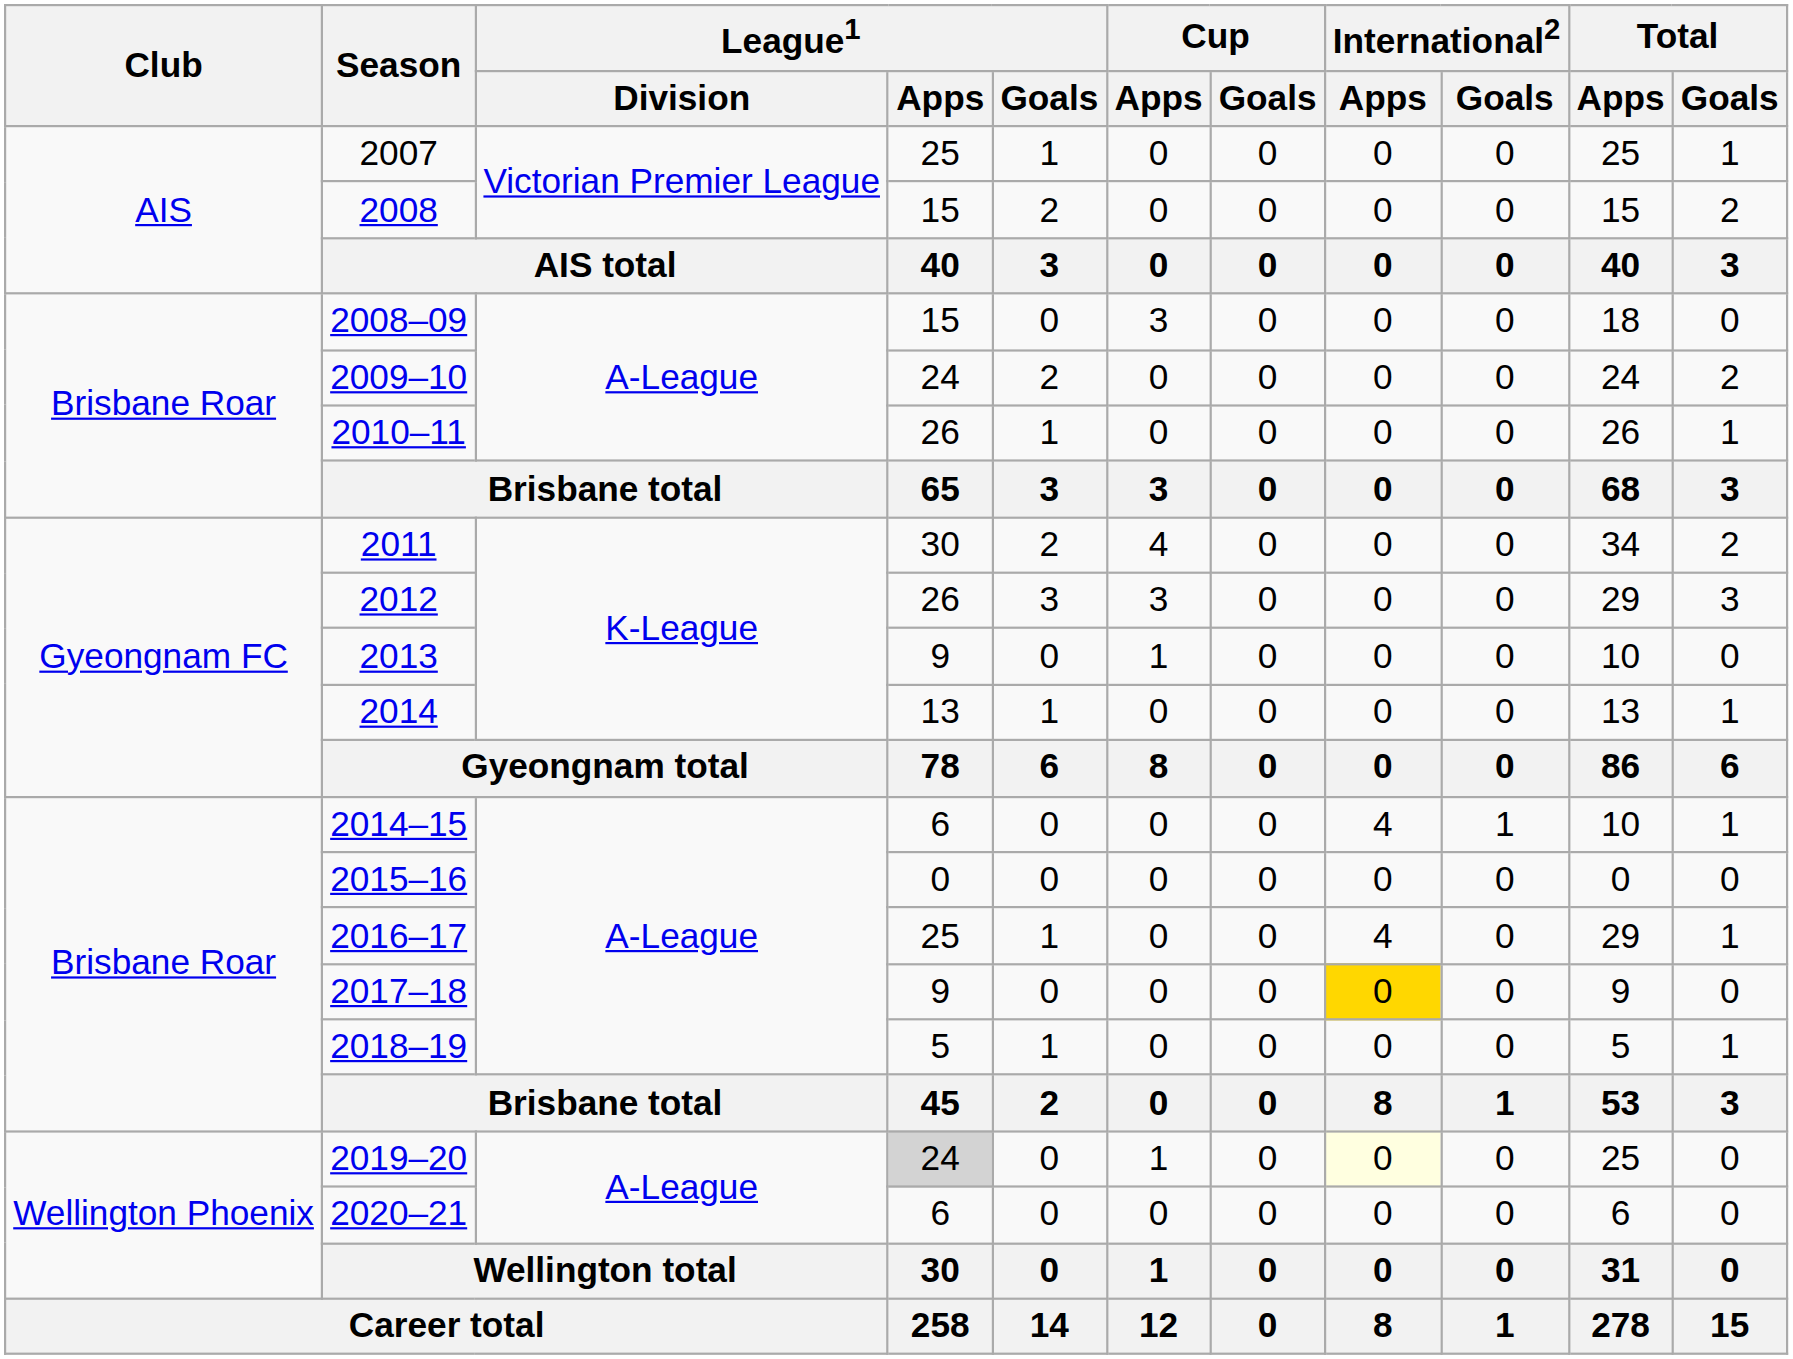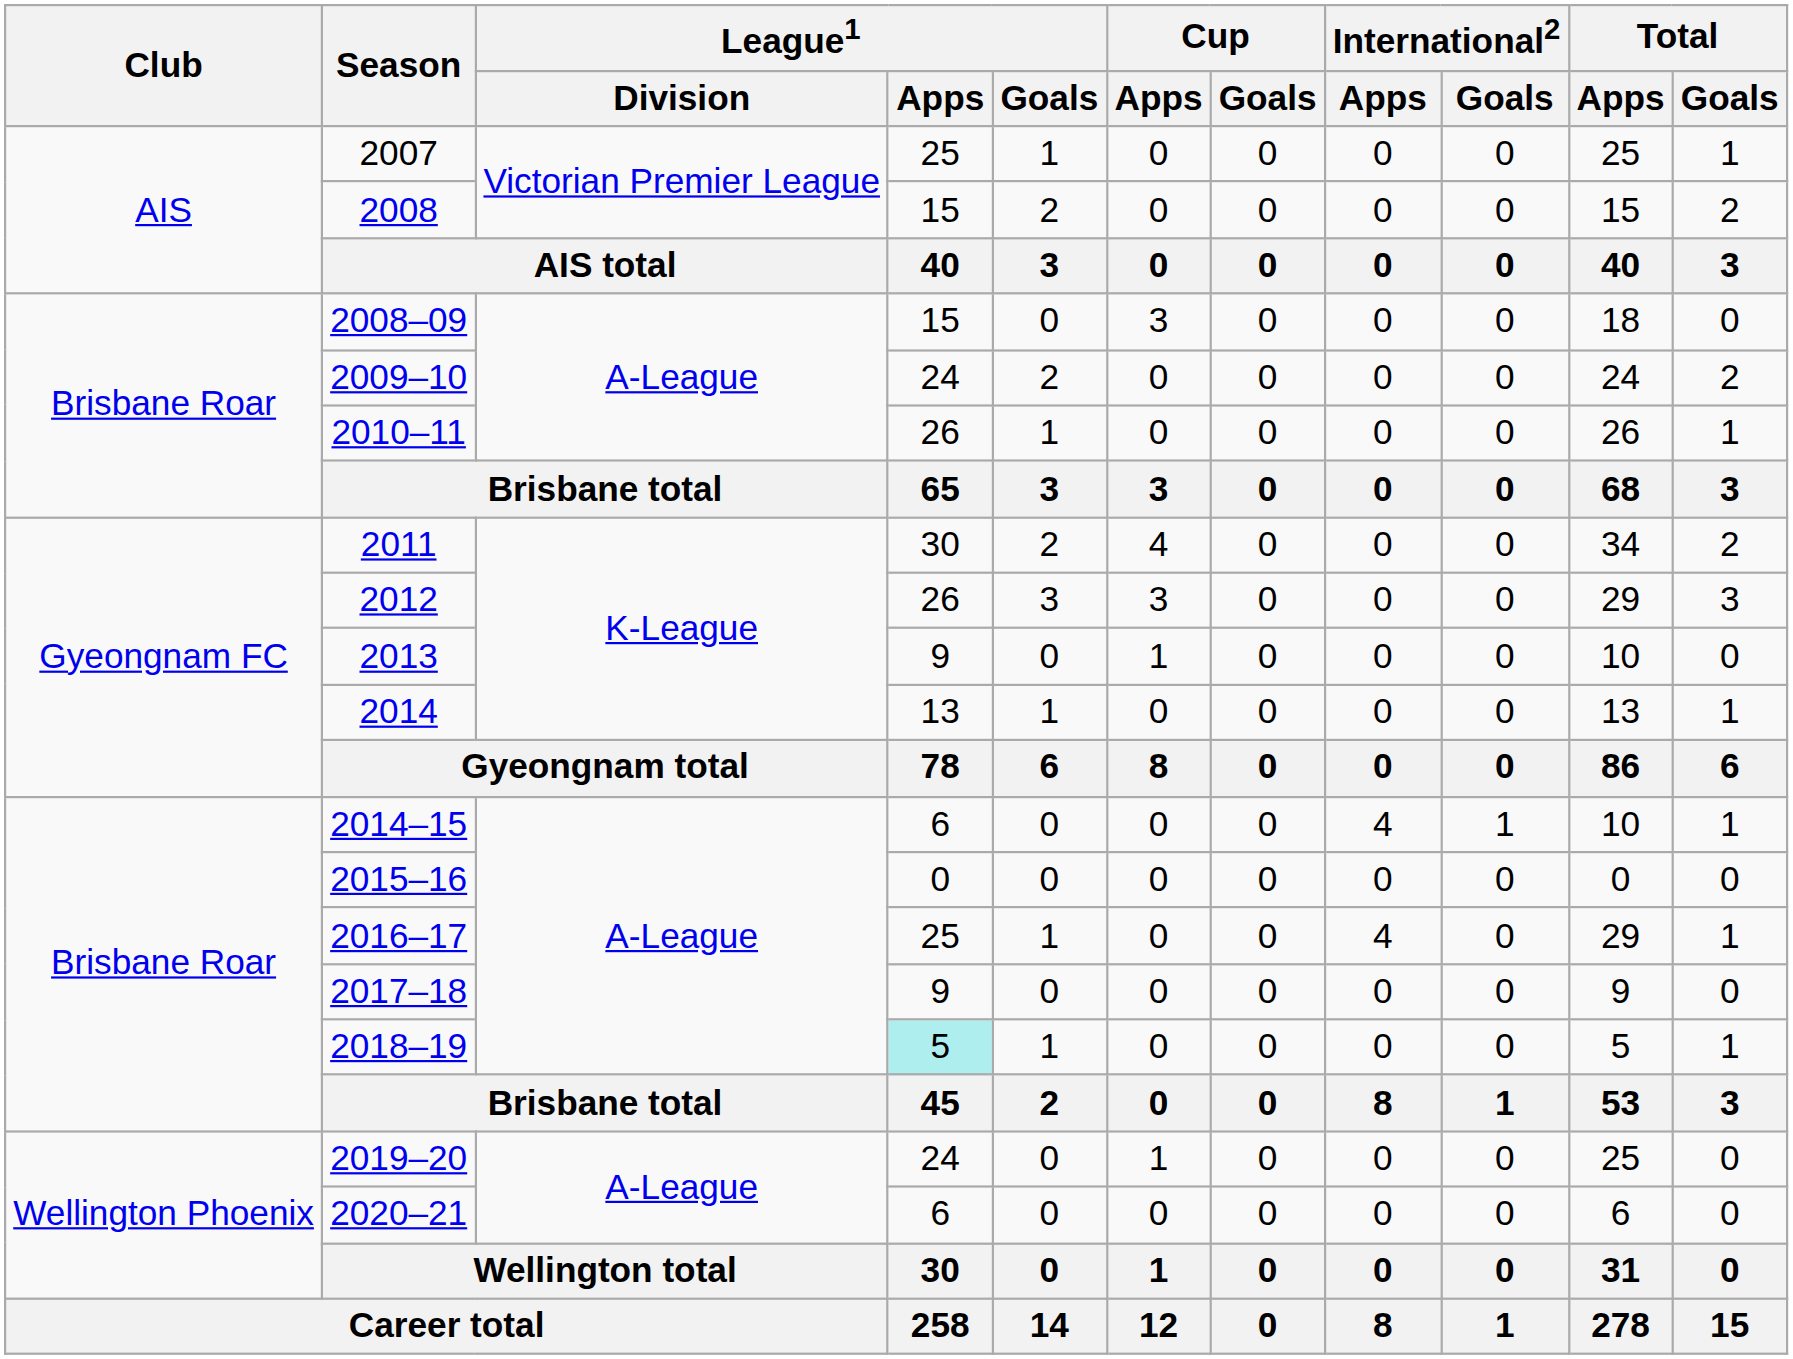 <table class="wikitable" style="text-align: center;">
 <tr>
 <th rowspan="2">Club</th>
 <th rowspan="2">Season</th>
 <th colspan="3">League<sup>1</sup></th>
 <th colspan="2">Cup</th>
 <th colspan="2">International<sup>2</sup></th>
 <th colspan="2">Total</th>
 </tr>
 <tr>
 <th>Division</th>
 <th>Apps</th>
 <th>Goals</th>
 <th>Apps</th>
 <th>Goals</th>
 <th>Apps</th>
 <th>Goals</th>
 <th>Apps</th>
 <th>Goals</th>
 </tr>
 <tr>
 <td rowspan="3" valign="center"><a href='#'>AIS</a></td>
 <td>2007</td>
 <td rowspan=2><a href='#'>Victorian Premier League</a></td>
 <td>25</td>
 <td>1</td>
 <td>0</td>
 <td>0</td>
 <td>0</td>
 <td>0</td>
 <td>25</td>
 <td>1</td>
 </tr>
 <tr>
 <td><a href='#'>2008</a></td>
 <td>15</td>
 <td>2</td>
 <td>0</td>
 <td>0</td>
 <td>0</td>
 <td>0</td>
 <td>15</td>
 <td>2</td>
 </tr>
 <tr>
 <th colspan=2>AIS total</th>
 <th>40</th>
 <th>3</th>
 <th>0</th>
 <th>0</th>
 <th>0</th>
 <th>0</th>
 <th>40</th>
 <th>3</th>
 </tr>
 <tr>
 <td rowspan="4" valign="center"><a href='#'>Brisbane Roar</a></td>
 <td><a href='#'>2008–09</a></td>
 <td rowspan=3><a href='#'>A-League</a></td>
 <td>15</td>
 <td>0</td>
 <td>3</td>
 <td>0</td>
 <td>0</td>
 <td>0</td>
 <td>18</td>
 <td>0</td>
 </tr>
 <tr>
 <td><a href='#'>2009–10</a></td>
 <td>24</td>
 <td>2</td>
 <td>0</td>
 <td>0</td>
 <td>0</td>
 <td>0</td>
 <td>24</td>
 <td>2</td>
 </tr>
 <tr>
 <td><a href='#'>2010–11</a></td>
 <td>26</td>
 <td>1</td>
 <td>0</td>
 <td>0</td>
 <td>0</td>
 <td>0</td>
 <td>26</td>
 <td>1</td>
 </tr>
 <tr>
 <th colspan=2>Brisbane total</th>
 <th>65</th>
 <th>3</th>
 <th>3</th>
 <th>0</th>
 <th>0</th>
 <th>0</th>
 <th>68</th>
 <th>3</th>
 </tr>
 <tr>
 <td rowspan="5" valign="center"><a href='#'>Gyeongnam FC</a></td>
 <td><a href='#'>2011</a></td>
 <td rowspan=4><a href='#'>K-League</a></td>
 <td>30</td>
 <td>2</td>
 <td>4</td>
 <td>0</td>
 <td>0</td>
 <td>0</td>
 <td>34</td>
 <td>2</td>
 </tr>
 <tr>
 <td><a href='#'>2012</a></td>
 <td>26</td>
 <td>3</td>
 <td>3</td>
 <td>0</td>
 <td>0</td>
 <td>0</td>
 <td>29</td>
 <td>3</td>
 </tr>
 <tr>
 <td><a href='#'>2013</a></td>
 <td>9</td>
 <td>0</td>
 <td>1</td>
 <td>0</td>
 <td>0</td>
 <td>0</td>
 <td>10</td>
 <td>0</td>
 </tr>
 <tr>
 <td><a href='#'>2014</a></td>
 <td>13</td>
 <td>1</td>
 <td>0</td>
 <td>0</td>
 <td>0</td>
 <td>0</td>
 <td>13</td>
 <td>1</td>
 </tr>
 <tr>
 <th colspan=2>Gyeongnam total</th>
 <th>78</th>
 <th>6</th>
 <th>8</th>
 <th>0</th>
 <th>0</th>
 <th>0</th>
 <th>86</th>
 <th>6</th>
 </tr>
 <tr>
 <td rowspan=6><a href='#'>Brisbane Roar</a></td>
 <td><a href='#'>2014–15</a></td>
 <td rowspan=5><a href='#'>A-League</a></td>
 <td>6</td>
 <td>0</td>
 <td>0</td>
 <td>0</td>
 <td>4</td>
 <td>1</td>
 <td>10</td>
 <td>1</td>
 </tr>
 <tr>
 <td><a href='#'>2015–16</a></td>
 <td>0</td>
 <td>0</td>
 <td>0</td>
 <td>0</td>
 <td>0</td>
 <td>0</td>
 <td>0</td>
 <td>0</td>
 </tr>
 <tr>
 <td><a href='#'>2016–17</a></td>
 <td>25</td>
 <td>1</td>
 <td>0</td>
 <td>0</td>
 <td>4</td>
 <td>0</td>
 <td>29</td>
 <td>1</td>
 </tr>
 <tr>
 <td><a href='#'>2017–18</a></td>
 <td>9</td>
 <td>0</td>
 <td>0</td>
 <td>0</td>
-<td style="background: gold;">0</td>
+<td>0</td>
 <td>0</td>
 <td>9</td>
 <td>0</td>
 </tr>
 <tr>
 <td><a href='#'>2018–19</a></td>
-<td>5</td>
+<td style="background: paleturquoise;">5</td>
 <td>1</td>
 <td>0</td>
 <td>0</td>
 <td>0</td>
 <td>0</td>
 <td>5</td>
 <td>1</td>
 </tr>
 <tr>
 <th colspan=2>Brisbane total</th>
 <th>45</th>
 <th>2</th>
 <th>0</th>
 <th>0</th>
 <th>8</th>
 <th>1</th>
 <th>53</th>
 <th>3</th>
 </tr>
 <tr>
 <td rowspan=3><a href='#'>Wellington Phoenix</a></td>
 <td><a href='#'>2019–20</a></td>
 <td rowspan=2><a href='#'>A-League</a></td>
-<td style="background: lightgrey;">24</td>
+<td>24</td>
 <td>0</td>
 <td>1</td>
 <td>0</td>
-<td style="background: lightyellow;">0</td>
+<td>0</td>
 <td>0</td>
 <td>25</td>
 <td>0</td>
 </tr>
 <tr>
 <td><a href='#'>2020–21</a></td>
 <td>6</td>
 <td>0</td>
 <td>0</td>
 <td>0</td>
 <td>0</td>
 <td>0</td>
 <td>6</td>
 <td>0</td>
 </tr>
 <tr>
 <th colspan=2>Wellington total</th>
 <th>30</th>
 <th>0</th>
 <th>1</th>
 <th>0</th>
 <th>0</th>
 <th>0</th>
 <th>31</th>
 <th>0</th>
 </tr>
 <tr>
 <th colspan="3">Career total</th>
 <th>258</th>
 <th>14</th>
 <th>12</th>
 <th>0</th>
 <th>8</th>
 <th>1</th>
 <th>278</th>
 <th>15</th>
 </tr>
 </table>
